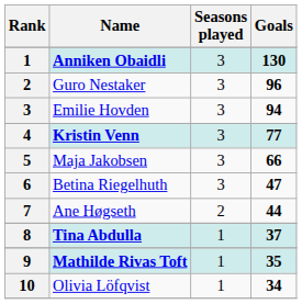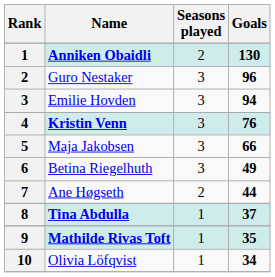 <table class="wikitable" style="text-align: center;">
 <tr>
 <th>Rank</th>
 <th class="unsortable">Name</th>
 <th>Seasons<br>played</th>
 <th>Goals</th>
 </tr>
 <tr>
 </tr>
 <tr style="background-color: #CFECEC;">
 <th>1</th>
 <td style="text-align: left;"> <strong><a href='#'>Anniken Obaidli</a></strong></td>
-<td>3</td>
+<td>2</td>
 <td><strong>130</strong></td>
 </tr>
 <tr>
 <th>2</th>
 <td style="text-align: left;"> <a href='#'>Guro Nestaker</a></td>
 <td>3</td>
 <td><strong>96</strong></td>
 </tr>
 <tr>
 <th>3</th>
 <td style="text-align: left;"> <a href='#'>Emilie Hovden</a></td>
 <td>3</td>
 <td><strong>94</strong></td>
 </tr>
 <tr>
 </tr>
 <tr style="background-color: #CFECEC;">
 <th>4</th>
 <td style="text-align: left;"> <strong><a href='#'>Kristin Venn</a></strong></td>
 <td>3</td>
-<td><strong>77</strong></td>
+<td><strong>76</strong></td>
 </tr>
 <tr>
 <th>5</th>
 <td style="text-align: left;"> <a href='#'>Maja Jakobsen</a></td>
 <td>3</td>
 <td><strong>66</strong></td>
 </tr>
 <tr>
 <th>6</th>
 <td style="text-align: left;"> <a href='#'>Betina Riegelhuth</a></td>
 <td>3</td>
-<td><strong>47</strong></td>
+<td><strong>49</strong></td>
 </tr>
 <tr>
 <th>7</th>
 <td style="text-align: left;"> <a href='#'>Ane Høgseth</a></td>
 <td>2</td>
 <td><strong>44</strong></td>
 </tr>
 <tr>
 </tr>
 <tr style="background-color: #CFECEC;">
 <th>8</th>
 <td style="text-align: left;"> <strong><a href='#'>Tina Abdulla</a></strong></td>
 <td>1</td>
 <td><strong>37</strong></td>
 </tr>
 <tr>
 </tr>
 <tr style="background-color: #CFECEC;">
 <th>9</th>
 <td style="text-align: left;"> <strong><a href='#'>Mathilde Rivas Toft</a></strong></td>
 <td>1</td>
 <td><strong>35</strong></td>
 </tr>
 <tr>
 <th>10</th>
 <td style="text-align: left;"> <a href='#'>Olivia Löfqvist</a></td>
 <td>1</td>
 <td><strong>34</strong></td>
 </tr>
 <tr>
 </tr>
 </table>
